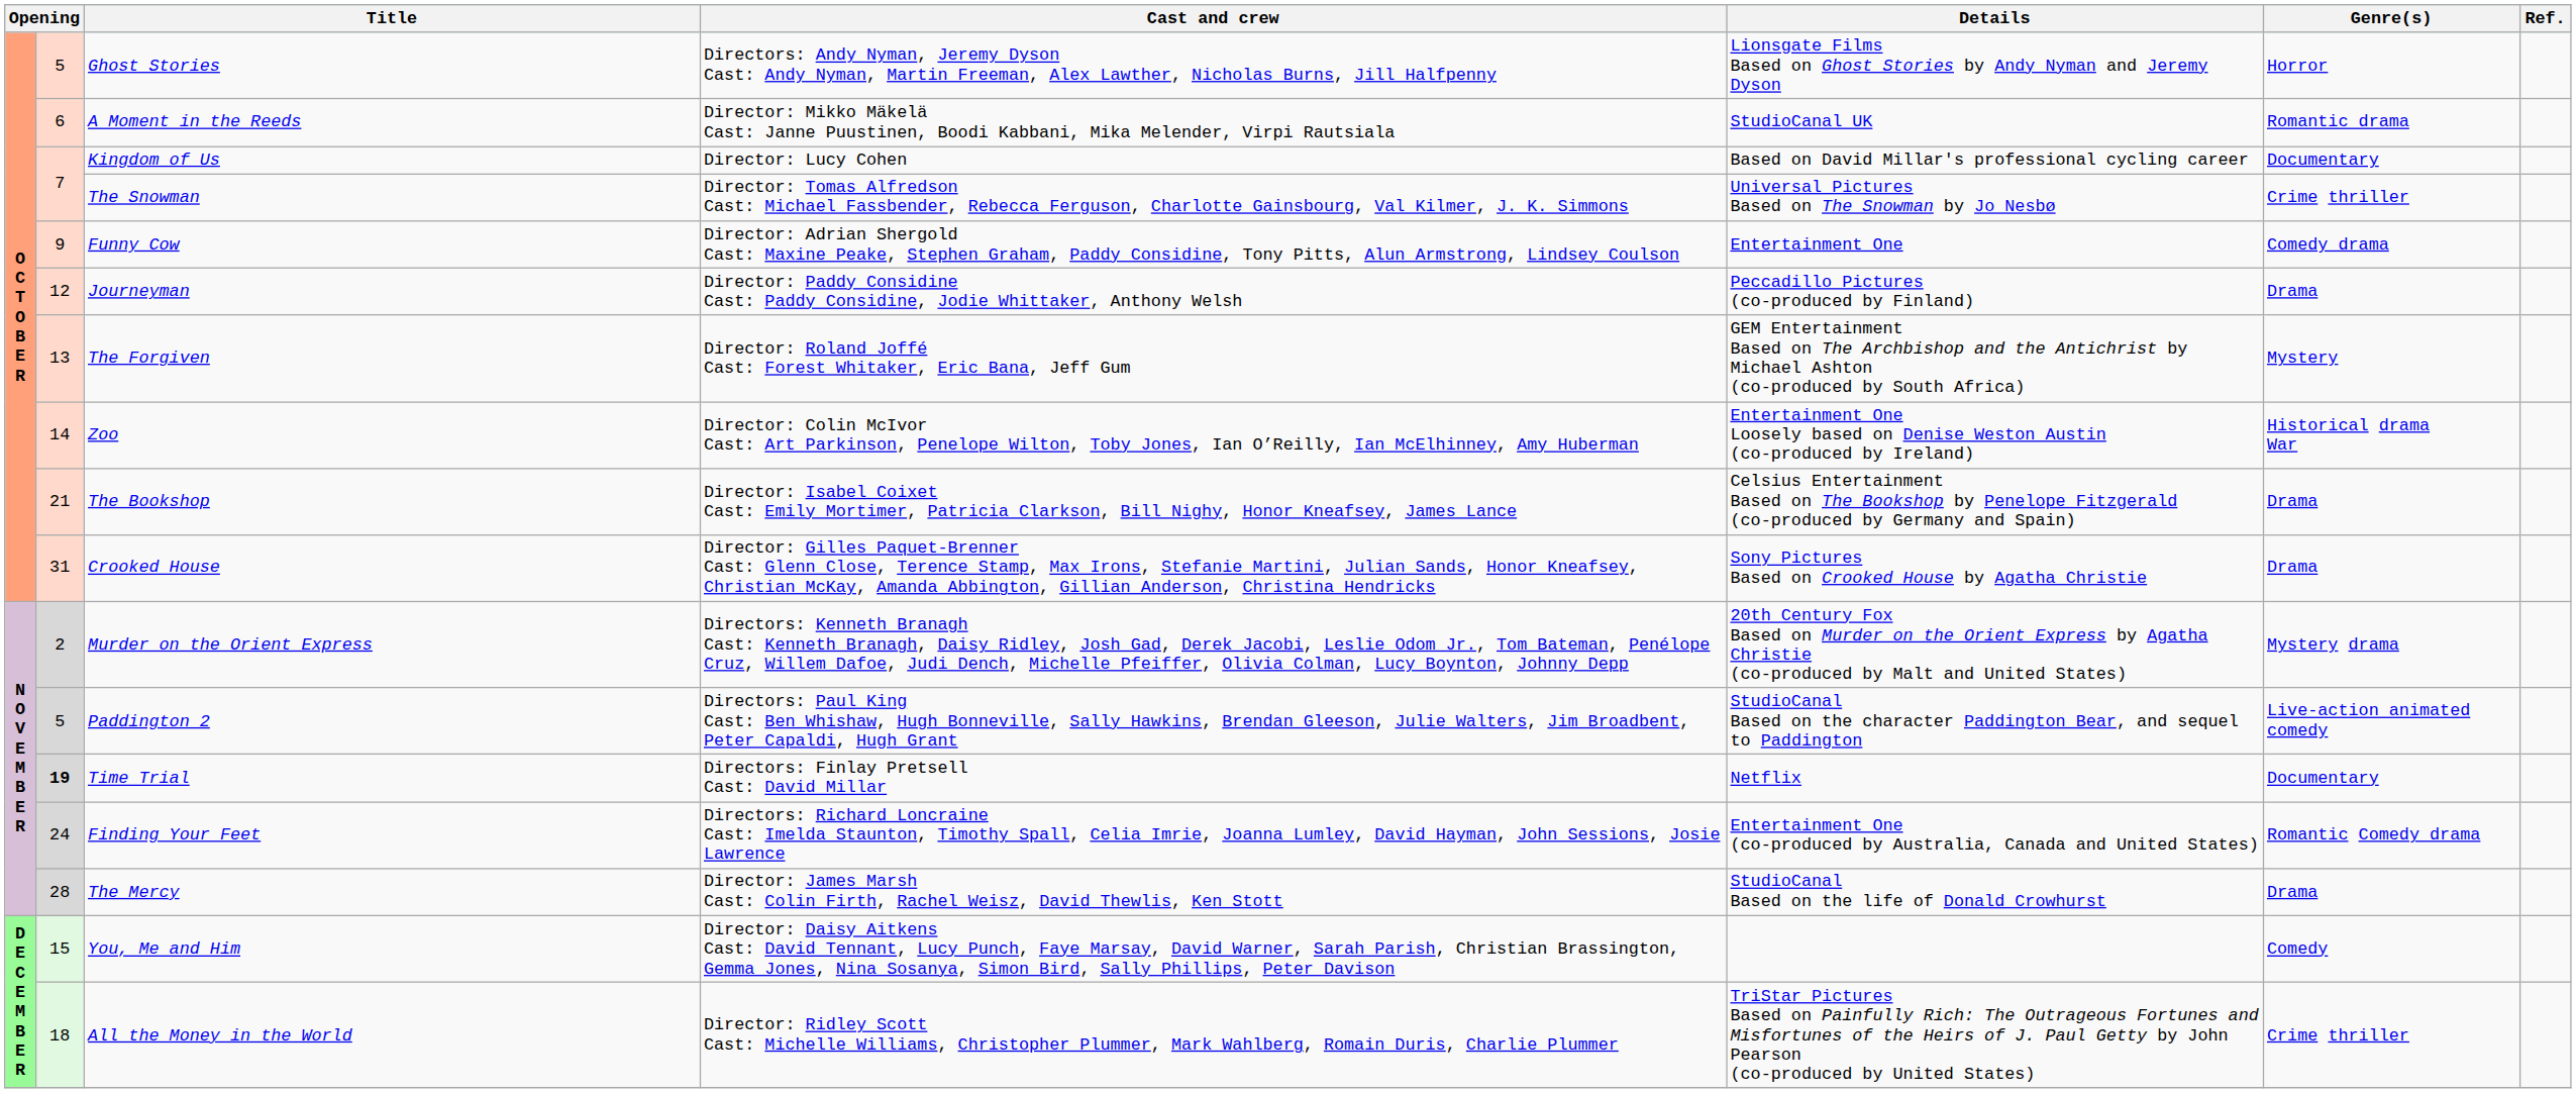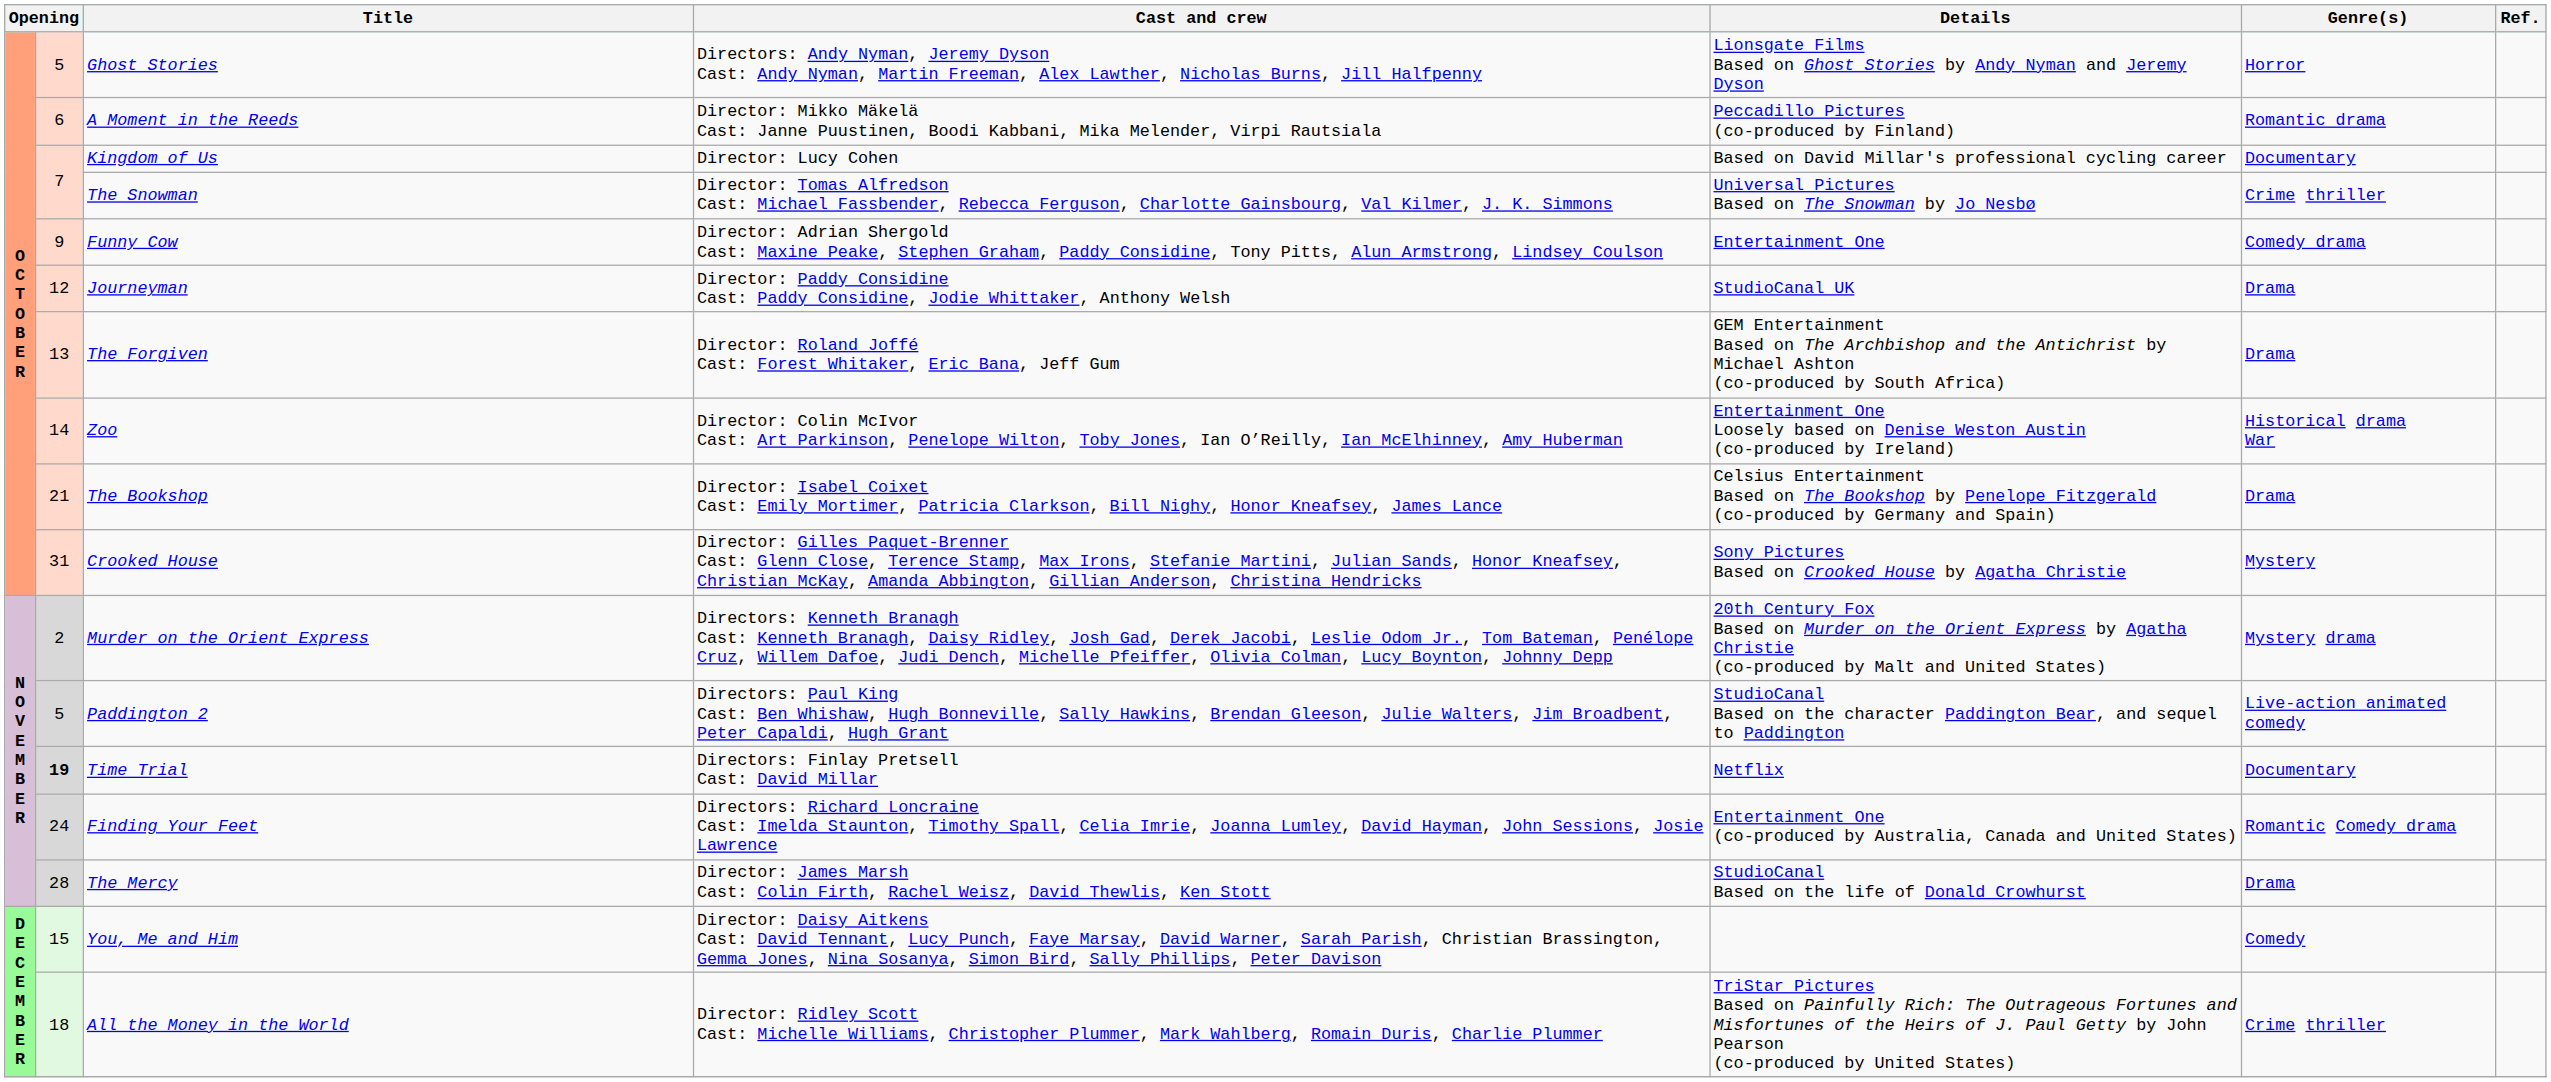 <table class="wikitable">
 <tr style="background:#b0e0e6; text-align:center;">
 <th colspan="2">Opening</th>
 <th style="width:24%;">Title</th>
 <th style="width:40%;">Cast and crew</th>
 <th>Details</th>
 <th style="width:10%;">Genre(s)</th>
 <th style="width:2%;">Ref.</th>
 </tr>
 <tr>
 <th rowspan="10" style="text-align:center; background:#ffa07a; textcolor:#000;">O<br>C<br>T<br>O<br>B<br>E<br>R</th>
 <td rowspan="1" style="text-align:center; background:#ffdacc;">5</td>
 <td><em><a href='#'>Ghost Stories</a></em></td>
 <td>Directors: <a href='#'>Andy Nyman</a>, <a href='#'>Jeremy Dyson</a> <br> Cast: <a href='#'>Andy Nyman</a>, <a href='#'>Martin Freeman</a>, <a href='#'>Alex Lawther</a>, <a href='#'>Nicholas Burns</a>, <a href='#'>Jill Halfpenny</a></td>
 <td><a href='#'>Lionsgate Films</a> <br> Based on <em><a href='#'>Ghost Stories</a></em> by <a href='#'>Andy Nyman</a> and <a href='#'>Jeremy Dyson</a></td>
 <td><a href='#'>Horror</a></td>
 <td style="text-align:center"></td>
 </tr>
 <tr>
 <td rowspan="1" style="text-align:center; background:#ffdacc;">6</td>
 <td><em><a href='#'>A Moment in the Reeds</a></em></td>
 <td>Director: Mikko Mäkelä <br> Cast: Janne Puustinen, Boodi Kabbani, Mika Melender, Virpi Rautsiala</td>
-<td><a href='#'>StudioCanal UK</a></td>
+<td><a href='#'>Peccadillo Pictures</a> <br> (co-produced by Finland)</td>
 <td><a href='#'>Romantic drama</a></td>
 <td style="text-align:center"></td>
 </tr>
 <tr>
 <td rowspan="2" style="text-align:center; background:#ffdacc;">7</td>
 <td><em><a href='#'>Kingdom of Us</a></em></td>
 <td>Director: Lucy Cohen</td>
 <td>Based on David Millar's professional cycling career</td>
 <td><a href='#'>Documentary</a></td>
 <td style="text-align:center"></td>
 </tr>
 <tr>
 <td><em><a href='#'>The Snowman</a></em></td>
 <td>Director: <a href='#'>Tomas Alfredson</a> <br> Cast: <a href='#'>Michael Fassbender</a>, <a href='#'>Rebecca Ferguson</a>, <a href='#'>Charlotte Gainsbourg</a>, <a href='#'>Val Kilmer</a>, <a href='#'>J. K. Simmons</a></td>
 <td><a href='#'>Universal Pictures</a> <br> Based on <em><a href='#'>The Snowman</a></em> by <a href='#'>Jo Nesbø</a></td>
 <td><a href='#'>Crime</a> <a href='#'>thriller</a></td>
 <td style="text-align:center"></td>
 </tr>
 <tr>
 <td rowspan="1" style="text-align:center; background:#ffdacc;">9</td>
 <td><em><a href='#'>Funny Cow</a></em></td>
 <td>Director: Adrian Shergold <br> Cast: <a href='#'>Maxine Peake</a>, <a href='#'>Stephen Graham</a>, <a href='#'>Paddy Considine</a>, Tony Pitts, <a href='#'>Alun Armstrong</a>, <a href='#'>Lindsey Coulson</a></td>
 <td><a href='#'>Entertainment One</a></td>
 <td><a href='#'>Comedy drama</a></td>
 <td style="text-align:center"></td>
 </tr>
 <tr>
 <td rowspan="1" style="text-align:center; background:#ffdacc;">12</td>
 <td><em><a href='#'>Journeyman</a></em></td>
 <td>Director: <a href='#'>Paddy Considine</a> <br> Cast: <a href='#'>Paddy Considine</a>, <a href='#'>Jodie Whittaker</a>, Anthony Welsh</td>
-<td><a href='#'>Peccadillo Pictures</a> <br> (co-produced by Finland)</td>
+<td><a href='#'>StudioCanal UK</a></td>
 <td><a href='#'>Drama</a></td>
 <td></td>
 </tr>
 <tr>
 <td rowspan="1" style="text-align:center; background:#ffdacc;">13</td>
 <td><em><a href='#'>The Forgiven</a></em></td>
 <td>Director: <a href='#'>Roland Joffé</a> <br> Cast: <a href='#'>Forest Whitaker</a>, <a href='#'>Eric Bana</a>, Jeff Gum</td>
 <td>GEM Entertainment <br> Based on <em>The Archbishop and the Antichrist</em> by Michael Ashton <br> (co-produced by South Africa)</td>
-<td><a href='#'>Mystery</a></td>
+<td><a href='#'>Drama</a></td>
 <td></td>
 </tr>
 <tr>
 <td rowspan="1" style="text-align:center; background:#ffdacc;">14</td>
 <td><em><a href='#'>Zoo</a></em></td>
 <td>Director: Colin McIvor <br> Cast: <a href='#'>Art Parkinson</a>, <a href='#'>Penelope Wilton</a>, <a href='#'>Toby Jones</a>, Ian O’Reilly, <a href='#'>Ian McElhinney</a>, <a href='#'>Amy Huberman</a></td>
 <td><a href='#'>Entertainment One</a> <br> Loosely based on <a href='#'>Denise Weston Austin</a> <br> (co-produced by Ireland)</td>
 <td><a href='#'>Historical</a> <a href='#'>drama</a> <br> <a href='#'>War</a></td>
 <td></td>
 </tr>
 <tr>
 <td rowspan="1" style="text-align:center; background:#ffdacc;">21</td>
 <td><em><a href='#'>The Bookshop</a></em></td>
 <td>Director: <a href='#'>Isabel Coixet</a> <br> Cast: <a href='#'>Emily Mortimer</a>, <a href='#'>Patricia Clarkson</a>, <a href='#'>Bill Nighy</a>, <a href='#'>Honor Kneafsey</a>, <a href='#'>James Lance</a></td>
 <td>Celsius Entertainment <br> Based on <em><a href='#'>The Bookshop</a></em> by <a href='#'>Penelope Fitzgerald</a>  <br> (co-produced by Germany and Spain)</td>
 <td><a href='#'>Drama</a></td>
 <td style="text-align:center"></td>
 </tr>
 <tr>
 <td rowspan="1" style="text-align:center; background:#ffdacc;">31</td>
 <td><em><a href='#'>Crooked House</a></em></td>
 <td>Director: <a href='#'>Gilles Paquet-Brenner</a> <br> Cast: <a href='#'>Glenn Close</a>, <a href='#'>Terence Stamp</a>, <a href='#'>Max Irons</a>, <a href='#'>Stefanie Martini</a>, <a href='#'>Julian Sands</a>, <a href='#'>Honor Kneafsey</a>, <a href='#'>Christian McKay</a>, <a href='#'>Amanda Abbington</a>, <a href='#'>Gillian Anderson</a>, <a href='#'>Christina Hendricks</a></td>
 <td><a href='#'>Sony Pictures</a> <br> Based on <em><a href='#'>Crooked House</a></em> by <a href='#'>Agatha Christie</a></td>
-<td><a href='#'>Drama</a></td>
+<td><a href='#'>Mystery</a></td>
 <td style="text-align:center"></td>
 </tr>
 <tr>
 <th rowspan="5" style="text-align:center; background:thistle; textcolor:#000;">N<br>O<br>V<br>E<br>M<br>B<br>E<br>R</th>
 <td rowspan="1" style="text-align:center; background:#d8d8d8;">2</td>
 <td><em><a href='#'>Murder on the Orient Express</a></em></td>
 <td>Directors: <a href='#'>Kenneth Branagh</a> <br> Cast: <a href='#'>Kenneth Branagh</a>, <a href='#'>Daisy Ridley</a>, <a href='#'>Josh Gad</a>, <a href='#'>Derek Jacobi</a>, <a href='#'>Leslie Odom Jr.</a>, <a href='#'>Tom Bateman</a>, <a href='#'>Penélope Cruz</a>, <a href='#'>Willem Dafoe</a>, <a href='#'>Judi Dench</a>, <a href='#'>Michelle Pfeiffer</a>, <a href='#'>Olivia Colman</a>, <a href='#'>Lucy Boynton</a>, <a href='#'>Johnny Depp</a></td>
 <td><a href='#'>20th Century Fox</a> <br> Based on <em><a href='#'>Murder on the Orient Express</a></em> by <a href='#'>Agatha Christie</a> <br> (co-produced by Malt and United States)</td>
 <td><a href='#'>Mystery</a> <a href='#'>drama</a></td>
 <td style="text-align:center"></td>
 </tr>
 <tr>
 <td rowspan="1" style="text-align:center; background:#d8d8d8;">5</td>
 <td><em><a href='#'>Paddington 2</a></em></td>
 <td>Directors: <a href='#'>Paul King</a> <br> Cast: <a href='#'>Ben Whishaw</a>, <a href='#'>Hugh Bonneville</a>, <a href='#'>Sally Hawkins</a>, <a href='#'>Brendan Gleeson</a>, <a href='#'>Julie Walters</a>, <a href='#'>Jim Broadbent</a>, <a href='#'>Peter Capaldi</a>, <a href='#'>Hugh Grant</a></td>
 <td><a href='#'>StudioCanal</a> <br> Based on the character <a href='#'>Paddington Bear</a>, and sequel to <a href='#'>Paddington</a></td>
 <td><a href='#'>Live-action animated</a> <a href='#'>comedy</a></td>
 <td style="text-align:center"></td>
 </tr>
 <tr>
 <td rowspan="1" style="text-align:center; background:#d8d8d8;"><strong>19</strong></td>
 <td><em><a href='#'>Time Trial</a></em></td>
 <td>Directors: Finlay Pretsell <br> Cast: <a href='#'>David Millar</a></td>
 <td><a href='#'>Netflix</a></td>
 <td><a href='#'>Documentary</a></td>
 <td style="text-align:center"></td>
 </tr>
 <tr>
 <td rowspan="1" style="text-align:center; background:#d8d8d8;">24</td>
 <td><em><a href='#'>Finding Your Feet</a></em></td>
 <td>Directors: <a href='#'>Richard Loncraine</a> <br> Cast: <a href='#'>Imelda Staunton</a>, <a href='#'>Timothy Spall</a>, <a href='#'>Celia Imrie</a>, <a href='#'>Joanna Lumley</a>, <a href='#'>David Hayman</a>, <a href='#'>John Sessions</a>, <a href='#'>Josie Lawrence</a></td>
 <td><a href='#'>Entertainment One</a> <br> (co-produced by Australia, Canada and United States)</td>
 <td><a href='#'>Romantic</a> <a href='#'>Comedy drama</a></td>
 <td style="text-align:center"></td>
 </tr>
 <tr>
 <td rowspan="1" style="text-align:center; background:#d8d8d8;">28</td>
 <td><em><a href='#'>The Mercy</a></em></td>
 <td>Director: <a href='#'>James Marsh</a> <br> Cast: <a href='#'>Colin Firth</a>, <a href='#'>Rachel Weisz</a>, <a href='#'>David Thewlis</a>, <a href='#'>Ken Stott</a></td>
 <td><a href='#'>StudioCanal</a> <br> Based on the life of <a href='#'>Donald Crowhurst</a></td>
 <td><a href='#'>Drama</a></td>
 <td style="text-align:center"></td>
 </tr>
 <tr>
 <th rowspan="2" style="text-align:center; background:#98fb98; textcolor:#000;">D<br>E<br>C<br>E<br>M<br>B<br>E<br>R</th>
 <td rowspan="1" style="text-align:center; background:#e0f9e0;">15</td>
 <td><em><a href='#'>You, Me and Him</a></em></td>
 <td>Director: <a href='#'>Daisy Aitkens</a> <br> Cast: <a href='#'>David Tennant</a>, <a href='#'>Lucy Punch</a>, <a href='#'>Faye Marsay</a>, <a href='#'>David Warner</a>, <a href='#'>Sarah Parish</a>, Christian Brassington, <a href='#'>Gemma Jones</a>, <a href='#'>Nina Sosanya</a>, <a href='#'>Simon Bird</a>, <a href='#'>Sally Phillips</a>, <a href='#'>Peter Davison</a></td>
 <td></td>
 <td><a href='#'>Comedy</a></td>
 <td></td>
 </tr>
 <tr>
 <td rowspan="1" style="text-align:center; background:#e0f9e0;">18</td>
 <td><em><a href='#'>All the Money in the World</a></em></td>
 <td>Director: <a href='#'>Ridley Scott</a> <br> Cast: <a href='#'>Michelle Williams</a>, <a href='#'>Christopher Plummer</a>, <a href='#'>Mark Wahlberg</a>, <a href='#'>Romain Duris</a>, <a href='#'>Charlie Plummer</a></td>
 <td><a href='#'>TriStar Pictures</a> <br> Based on <em>Painfully Rich: The Outrageous Fortunes and Misfortunes of the Heirs of J. Paul Getty</em> by John Pearson <br> (co-produced by United States)</td>
 <td><a href='#'>Crime</a> <a href='#'>thriller</a></td>
 <td style="text-align:center"></td>
 </tr>
 <tr>
 </tr>
 </table>
